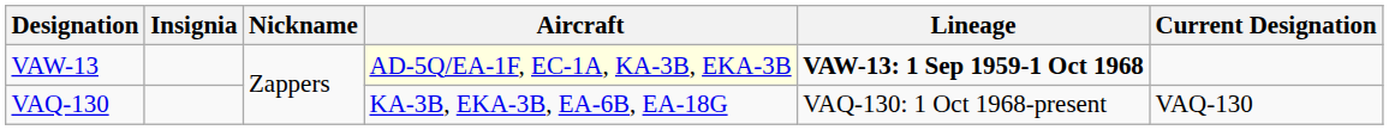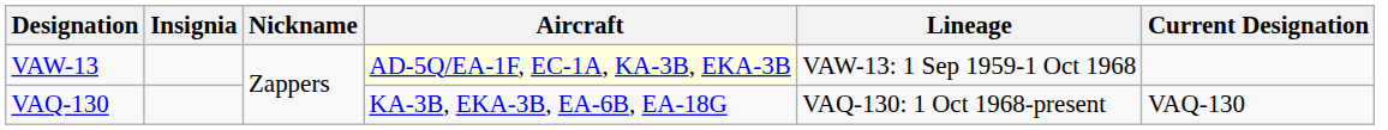 <table class="wikitable">
 <tr>
 <th>Designation</th>
 <th>Insignia</th>
 <th>Nickname</th>
 <th>Aircraft</th>
 <th>Lineage</th>
 <th>Current Designation</th>
 </tr>
 <tr>
 <td><a href='#'>VAW-13</a></td>
 <td></td>
 <td Rowspan="2">Zappers</td>
 <td style="background: lightyellow;"><a href='#'>AD-5Q/EA-1F</a>, <a href='#'>EC-1A</a>, <a href='#'>KA-3B</a>, <a href='#'>EKA-3B</a></td>
-<td style="white-space: nowrap;"><strong>VAW-13: 1 Sep 1959-1 Oct 1968</strong></td>
+<td style="white-space: nowrap;">VAW-13: 1 Sep 1959-1 Oct 1968</td>
 </tr>
 <tr>
 <td><a href='#'>VAQ-130</a></td>
 <td></td>
 <td><a href='#'>KA-3B</a>, <a href='#'>EKA-3B</a>, <a href='#'>EA-6B</a>, <a href='#'>EA-18G</a></td>
 <td>VAQ-130: 1 Oct 1968-present</td>
 <td>VAQ-130</td>
 </tr>
 </table>
